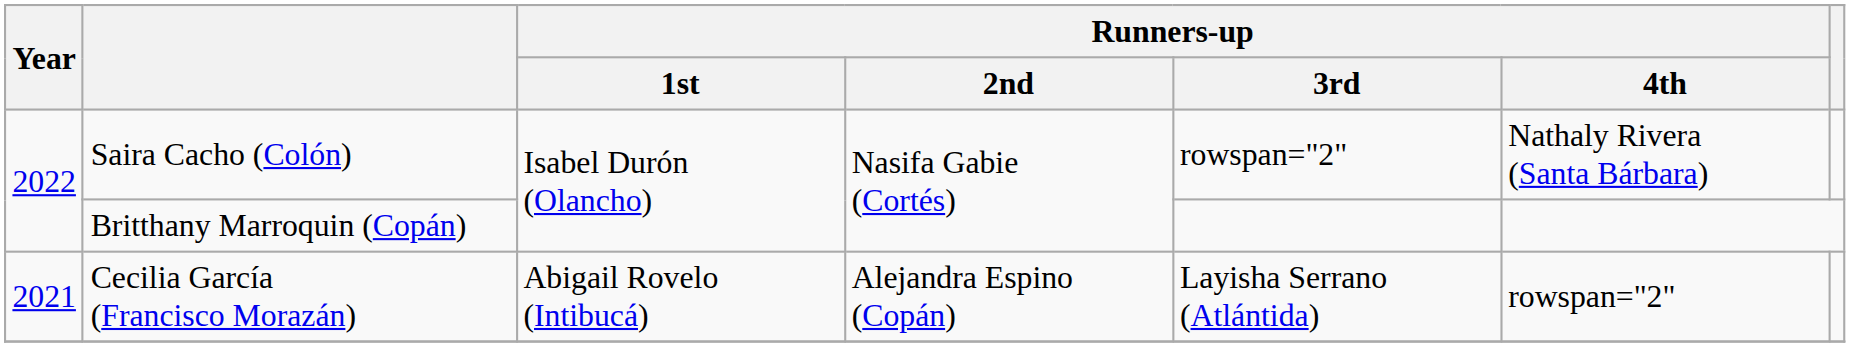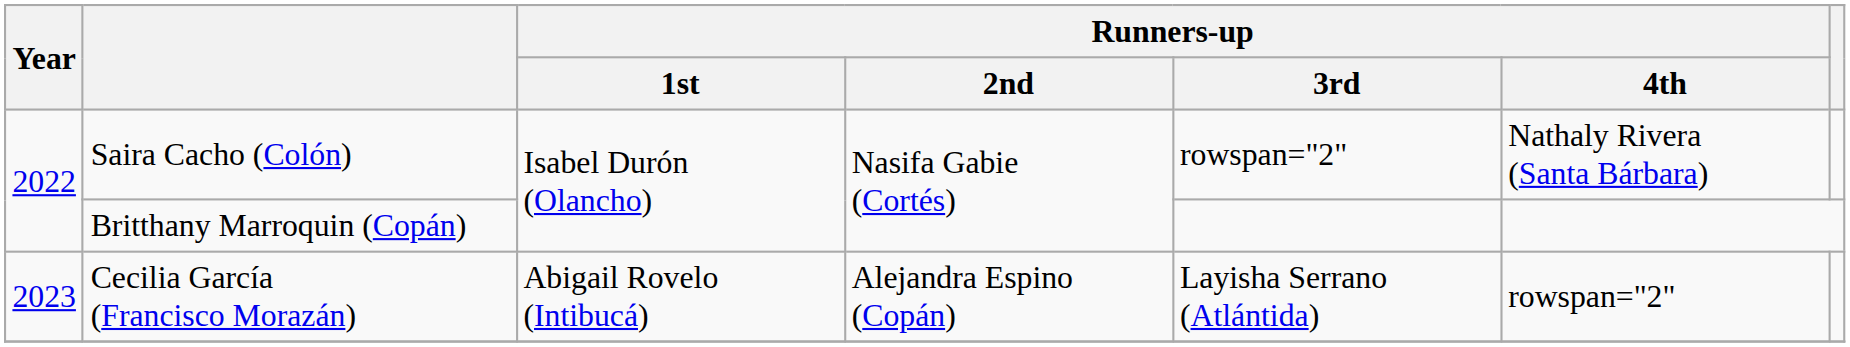 <table class="wikitable defaultcenter" style="font-size:95%;">
 <tr>
 <th rowspan="2">Year</th>
 <th width=200px rowspan="2"></th>
 <th colspan="4">Runners-up</th>
 <th rowspan="2"></th>
 </tr>
 <tr>
 <th width=150px>1st</th>
 <th width=150px>2nd</th>
 <th width=150px>3rd</th>
 <th width=150px>4th</th>
 </tr>
 <tr>
 <td rowspan="2"><a href='#'>2022</a></td>
 <td>Saira Cacho (<a href='#'>Colón</a>)</td>
 <td rowspan="2">Isabel Durón<br>(<a href='#'>Olancho</a>)</td>
 <td rowspan="2">Nasifa Gabie<br>(<a href='#'>Cortés</a>)</td>
 <td>rowspan="2" </td>
 <td>Nathaly Rivera<br>(<a href='#'>Santa Bárbara</a>)</td>
 <td></td>
 </tr>
 <tr>
 <td>Britthany Marroquin (<a href='#'>Copán</a>)</td>
 <td></td>
 </tr>
 <tr>
-<td><a href='#'>2021</a></td>
+<td><a href='#'>2023</a></td>
 <td>Cecilia García<br>(<a href='#'>Francisco Morazán</a>)</td>
 <td>Abigail Rovelo<br>(<a href='#'>Intibucá</a>)</td>
 <td>Alejandra Espino<br>(<a href='#'>Copán</a>)</td>
 <td>Layisha Serrano<br>(<a href='#'>Atlántida</a>)</td>
 <td>rowspan="2" </td>
 <td></td>
 </tr>
 <tr>
 </tr>
 </table>
